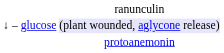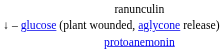 <table style="text-align:center">
 <tr>
 <td></td>
 <td>ranunculin</td>
 </tr>
 <tr>
 <td>↓ – <a href='#'>glucose</a></td>
-<td style="background: lavender;">(plant wounded, <a href='#'>aglycone</a> release)</td>
+<td>(plant wounded, <a href='#'>aglycone</a> release)</td>
 </tr>
 <tr>
 <td></td>
 <td><a href='#'>protoanemonin</a></td>
 </tr>
 </table>
